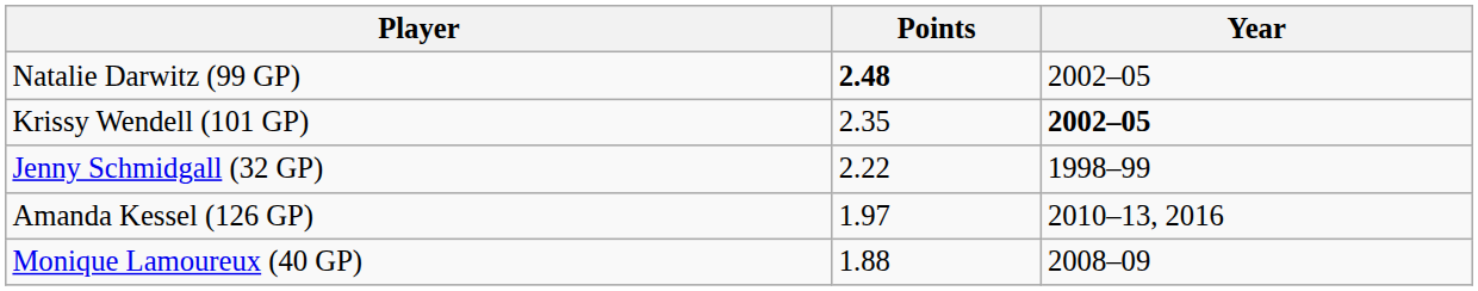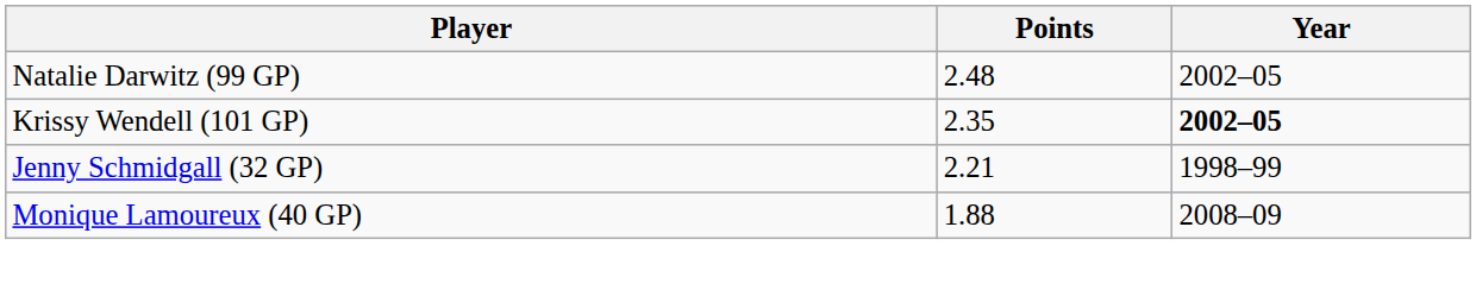 <table class="wikitable" style="width: 50em">
 <tr>
 <th>Player</th>
 <th>Points</th>
 <th>Year</th>
 </tr>
 <tr>
 <td>Natalie Darwitz (99 GP)</td>
-<td><strong>2.48</strong></td>
+<td>2.48</td>
 <td>2002–05</td>
 </tr>
 <tr>
 <td>Krissy Wendell (101 GP)</td>
 <td>2.35</td>
 <td><strong>2002–05</strong></td>
 </tr>
 <tr>
 <td><a href='#'>Jenny Schmidgall</a> (32 GP)</td>
-<td>2.22</td>
+<td>2.21</td>
 <td>1998–99</td>
-</tr>
-<tr>
-<td>Amanda Kessel (126 GP)</td>
-<td>1.97</td>
-<td>2010–13, 2016</td>
 </tr>
 <tr>
 <td><a href='#'>Monique Lamoureux</a> (40 GP)</td>
 <td>1.88</td>
 <td>2008–09</td>
 </tr>
 </table>
